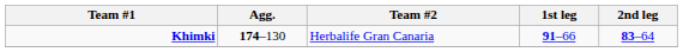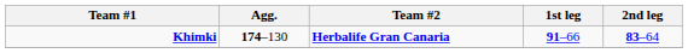 <table class=wikitable style="text-align:center">
 <tr>
 <th width=250>Team #1</th>
 <th width=100>Agg.</th>
 <th width=250>Team #2</th>
 <th width=88>1st leg</th>
 <th width=88>2nd leg</th>
 </tr>
 <tr>
 <td align=right><strong><a href='#'>Khimki</a></strong> </td>
 <td><strong>174</strong>–130</td>
-<td align=left> <a href='#'>Herbalife Gran Canaria</a></td>
+<td align=left><strong> <a href='#'>Herbalife Gran Canaria</a></strong></td>
 <td><a href='#'><strong>91</strong>–66</a></td>
 <td><a href='#'><strong>83</strong>–64</a></td>
 </tr>
 <tr>
 </tr>
 </table>
